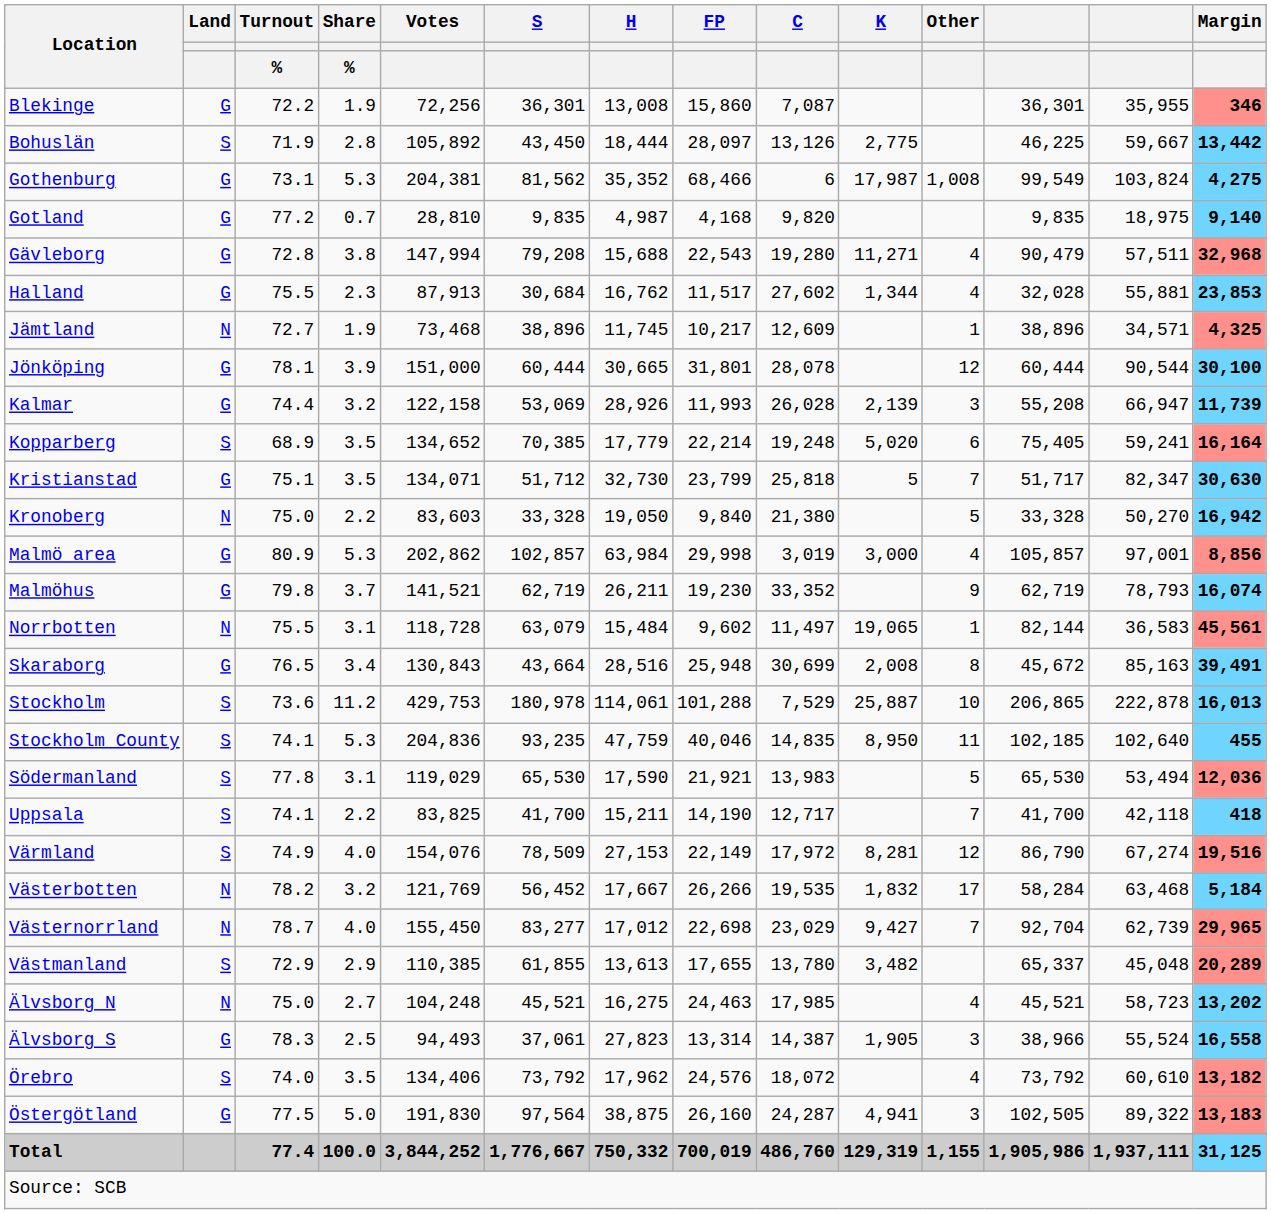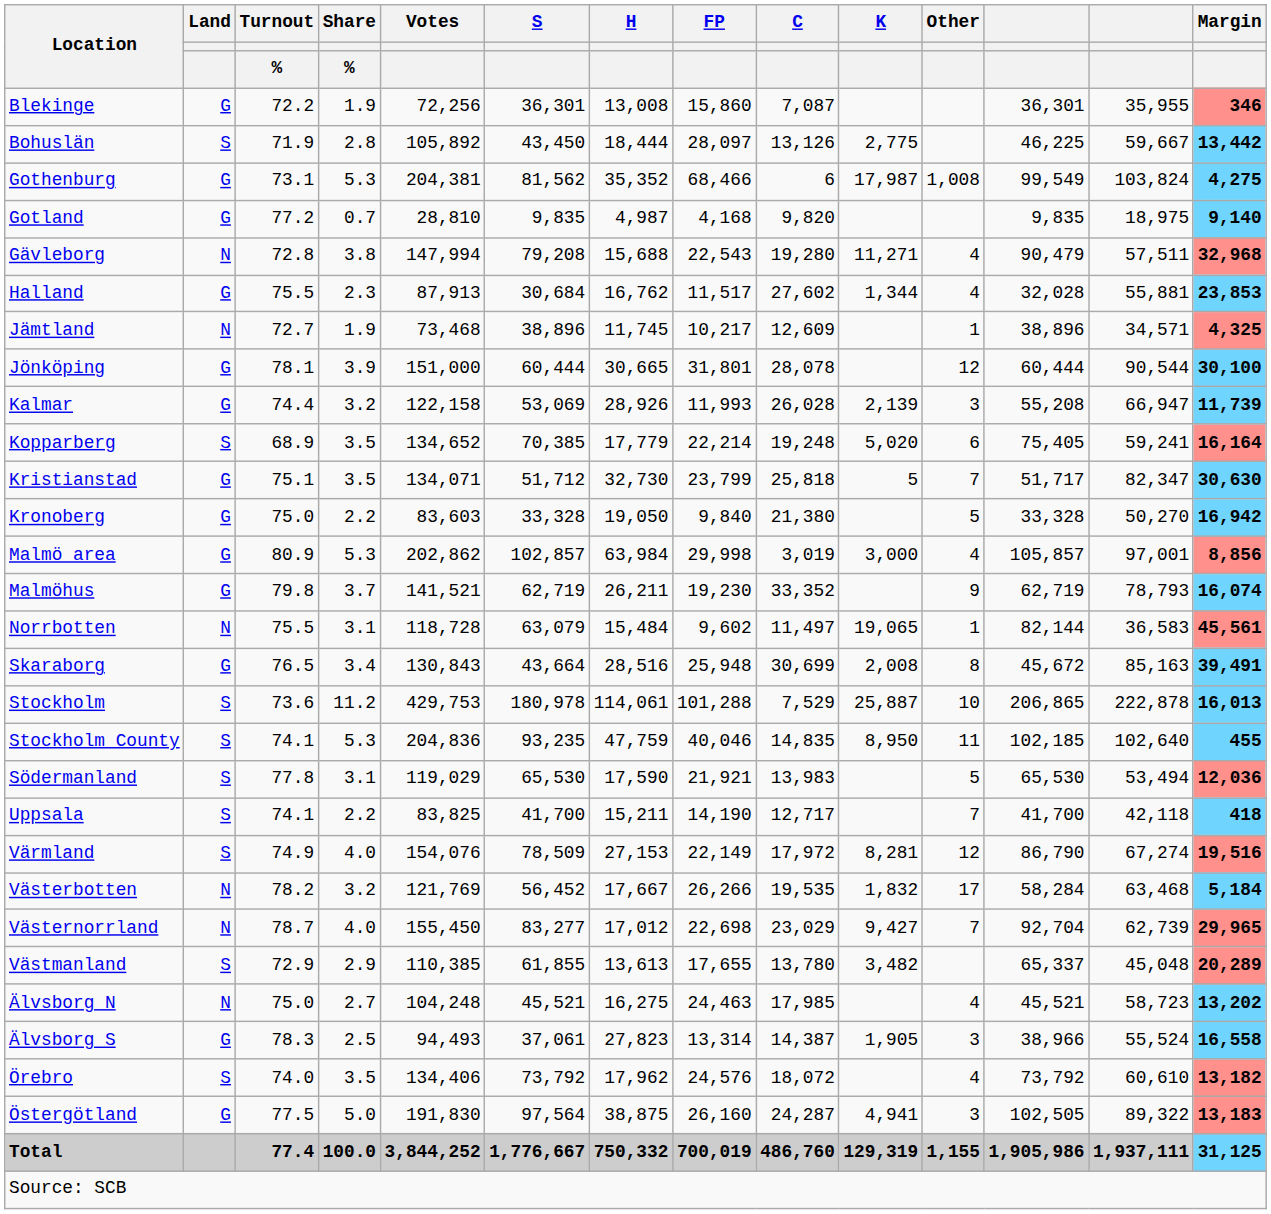 <table class="wikitable sortable" style="text-align:right; font-size:95%; line-height:20px;">
 <tr>
 <th rowspan="3">Location</th>
 <th>Land</th>
 <th>Turnout</th>
 <th>Share</th>
 <th>Votes</th>
 <th width="30px" class="unsortable"><a href='#'>S</a></th>
 <th width="30px" class="unsortable"><a href='#'>H</a></th>
 <th width="30px" class="unsortable"><a href='#'>FP</a></th>
 <th width="30px" class="unsortable"><a href='#'>C</a></th>
 <th width="30px" class="unsortable"><a href='#'>K</a></th>
 <th width="30px" class="unsortable">Other</th>
 <th></th>
 <th></th>
 <th>Margin</th>
 </tr>
 <tr>
 <th></th>
 <th></th>
 <th></th>
 <th></th>
 <th style="background:"></th>
 <th style="background:"></th>
 <th style="background:"></th>
 <th style="background:"></th>
 <th style="background:"></th>
 <th style="background:"></th>
 <th style="background:"></th>
 <th style="background:"></th>
 <th></th>
 </tr>
 <tr>
 <th></th>
 <th data-sort-type="number">%</th>
 <th data-sort-type="number">%</th>
 <th></th>
 <th></th>
 <th data-sort-type="number"></th>
 <th data-sort-type="number"></th>
 <th data-sort-type="number"></th>
 <th data-sort-type="number"></th>
 <th data-sort-type="number"></th>
 <th data-sort-type="number"></th>
 <th data-sort-type="number"></th>
 <th data-sort-type="number"></th>
 </tr>
 <tr>
 <td align=left><a href='#'>Blekinge</a></td>
 <td><a href='#'>G</a></td>
 <td>72.2</td>
 <td>1.9</td>
 <td>72,256</td>
 <td>36,301</td>
 <td>13,008</td>
 <td>15,860</td>
 <td>7,087</td>
 <td></td>
 <td></td>
 <td>36,301</td>
 <td>35,955</td>
 <td bgcolor=#ff908c><strong>346</strong></td>
 </tr>
 <tr>
 <td align=left><a href='#'>Bohuslän</a></td>
 <td><a href='#'>S</a></td>
 <td>71.9</td>
 <td>2.8</td>
 <td>105,892</td>
 <td>43,450</td>
 <td>18,444</td>
 <td>28,097</td>
 <td>13,126</td>
 <td>2,775</td>
 <td></td>
 <td>46,225</td>
 <td>59,667</td>
 <td bgcolor=#6fd5fe><strong>13,442</strong></td>
 </tr>
 <tr>
 <td align=left><a href='#'>Gothenburg</a></td>
 <td><a href='#'>G</a></td>
 <td>73.1</td>
 <td>5.3</td>
 <td>204,381</td>
 <td>81,562</td>
 <td>35,352</td>
 <td>68,466</td>
 <td>6</td>
 <td>17,987</td>
 <td>1,008</td>
 <td>99,549</td>
 <td>103,824</td>
 <td bgcolor=#6fd5fe><strong>4,275</strong></td>
 </tr>
 <tr>
 <td align=left><a href='#'>Gotland</a></td>
 <td><a href='#'>G</a></td>
 <td>77.2</td>
 <td>0.7</td>
 <td>28,810</td>
 <td>9,835</td>
 <td>4,987</td>
 <td>4,168</td>
 <td>9,820</td>
 <td></td>
 <td></td>
 <td>9,835</td>
 <td>18,975</td>
 <td bgcolor=#6fd5fe><strong>9,140</strong></td>
 </tr>
 <tr>
 <td align=left><a href='#'>Gävleborg</a></td>
-<td><a href='#'>G</a></td>
+<td><a href='#'>N</a></td>
 <td>72.8</td>
 <td>3.8</td>
 <td>147,994</td>
 <td>79,208</td>
 <td>15,688</td>
 <td>22,543</td>
 <td>19,280</td>
 <td>11,271</td>
 <td>4</td>
 <td>90,479</td>
 <td>57,511</td>
 <td bgcolor=#ff908c><strong>32,968</strong></td>
 </tr>
 <tr>
 <td align=left><a href='#'>Halland</a></td>
 <td><a href='#'>G</a></td>
 <td>75.5</td>
 <td>2.3</td>
 <td>87,913</td>
 <td>30,684</td>
 <td>16,762</td>
 <td>11,517</td>
 <td>27,602</td>
 <td>1,344</td>
 <td>4</td>
 <td>32,028</td>
 <td>55,881</td>
 <td bgcolor=#6fd5fe><strong>23,853</strong></td>
 </tr>
 <tr>
 <td align=left><a href='#'>Jämtland</a></td>
 <td><a href='#'>N</a></td>
 <td>72.7</td>
 <td>1.9</td>
 <td>73,468</td>
 <td>38,896</td>
 <td>11,745</td>
 <td>10,217</td>
 <td>12,609</td>
 <td></td>
 <td>1</td>
 <td>38,896</td>
 <td>34,571</td>
 <td bgcolor=#ff908c><strong>4,325</strong></td>
 </tr>
 <tr>
 <td align=left><a href='#'>Jönköping</a></td>
 <td><a href='#'>G</a></td>
 <td>78.1</td>
 <td>3.9</td>
 <td>151,000</td>
 <td>60,444</td>
 <td>30,665</td>
 <td>31,801</td>
 <td>28,078</td>
 <td></td>
 <td>12</td>
 <td>60,444</td>
 <td>90,544</td>
 <td bgcolor=#6fd5fe><strong>30,100</strong></td>
 </tr>
 <tr>
 <td align=left><a href='#'>Kalmar</a></td>
 <td><a href='#'>G</a></td>
 <td>74.4</td>
 <td>3.2</td>
 <td>122,158</td>
 <td>53,069</td>
 <td>28,926</td>
 <td>11,993</td>
 <td>26,028</td>
 <td>2,139</td>
 <td>3</td>
 <td>55,208</td>
 <td>66,947</td>
 <td bgcolor=#6fd5fe><strong>11,739</strong></td>
 </tr>
 <tr>
 <td align=left><a href='#'>Kopparberg</a></td>
 <td><a href='#'>S</a></td>
 <td>68.9</td>
 <td>3.5</td>
 <td>134,652</td>
 <td>70,385</td>
 <td>17,779</td>
 <td>22,214</td>
 <td>19,248</td>
 <td>5,020</td>
 <td>6</td>
 <td>75,405</td>
 <td>59,241</td>
 <td bgcolor=#ff908c><strong>16,164</strong></td>
 </tr>
 <tr>
 <td align=left><a href='#'>Kristianstad</a></td>
 <td><a href='#'>G</a></td>
 <td>75.1</td>
 <td>3.5</td>
 <td>134,071</td>
 <td>51,712</td>
 <td>32,730</td>
 <td>23,799</td>
 <td>25,818</td>
 <td>5</td>
 <td>7</td>
 <td>51,717</td>
 <td>82,347</td>
 <td bgcolor=#6fd5fe><strong>30,630</strong></td>
 </tr>
 <tr>
 <td align=left><a href='#'>Kronoberg</a></td>
-<td><a href='#'>N</a></td>
+<td><a href='#'>G</a></td>
 <td>75.0</td>
 <td>2.2</td>
 <td>83,603</td>
 <td>33,328</td>
 <td>19,050</td>
 <td>9,840</td>
 <td>21,380</td>
 <td></td>
 <td>5</td>
 <td>33,328</td>
 <td>50,270</td>
 <td bgcolor=#6fd5fe><strong>16,942</strong></td>
 </tr>
 <tr>
 <td align=left><a href='#'>Malmö area</a></td>
 <td><a href='#'>G</a></td>
 <td>80.9</td>
 <td>5.3</td>
 <td>202,862</td>
 <td>102,857</td>
 <td>63,984</td>
 <td>29,998</td>
 <td>3,019</td>
 <td>3,000</td>
 <td>4</td>
 <td>105,857</td>
 <td>97,001</td>
 <td bgcolor=#ff908c><strong>8,856</strong></td>
 </tr>
 <tr>
 <td align=left><a href='#'>Malmöhus</a></td>
 <td><a href='#'>G</a></td>
 <td>79.8</td>
 <td>3.7</td>
 <td>141,521</td>
 <td>62,719</td>
 <td>26,211</td>
 <td>19,230</td>
 <td>33,352</td>
 <td></td>
 <td>9</td>
 <td>62,719</td>
 <td>78,793</td>
 <td bgcolor=#6fd5fe><strong>16,074</strong></td>
 </tr>
 <tr>
 <td align=left><a href='#'>Norrbotten</a></td>
 <td><a href='#'>N</a></td>
 <td>75.5</td>
 <td>3.1</td>
 <td>118,728</td>
 <td>63,079</td>
 <td>15,484</td>
 <td>9,602</td>
 <td>11,497</td>
 <td>19,065</td>
 <td>1</td>
 <td>82,144</td>
 <td>36,583</td>
 <td bgcolor=#ff908c><strong>45,561</strong></td>
 </tr>
 <tr>
 <td align=left><a href='#'>Skaraborg</a></td>
 <td><a href='#'>G</a></td>
 <td>76.5</td>
 <td>3.4</td>
 <td>130,843</td>
 <td>43,664</td>
 <td>28,516</td>
 <td>25,948</td>
 <td>30,699</td>
 <td>2,008</td>
 <td>8</td>
 <td>45,672</td>
 <td>85,163</td>
 <td bgcolor=#6fd5fe><strong>39,491</strong></td>
 </tr>
 <tr>
 <td align=left><a href='#'>Stockholm</a></td>
 <td><a href='#'>S</a></td>
 <td>73.6</td>
 <td>11.2</td>
 <td>429,753</td>
 <td>180,978</td>
 <td>114,061</td>
 <td>101,288</td>
 <td>7,529</td>
 <td>25,887</td>
 <td>10</td>
 <td>206,865</td>
 <td>222,878</td>
 <td bgcolor=#6fd5fe><strong>16,013</strong></td>
 </tr>
 <tr>
 <td align=left><a href='#'>Stockholm County</a></td>
 <td><a href='#'>S</a></td>
 <td>74.1</td>
 <td>5.3</td>
 <td>204,836</td>
 <td>93,235</td>
 <td>47,759</td>
 <td>40,046</td>
 <td>14,835</td>
 <td>8,950</td>
 <td>11</td>
 <td>102,185</td>
 <td>102,640</td>
 <td bgcolor=#6fd5fe><strong>455</strong></td>
 </tr>
 <tr>
 <td align=left><a href='#'>Södermanland</a></td>
 <td><a href='#'>S</a></td>
 <td>77.8</td>
 <td>3.1</td>
 <td>119,029</td>
 <td>65,530</td>
 <td>17,590</td>
 <td>21,921</td>
 <td>13,983</td>
 <td></td>
 <td>5</td>
 <td>65,530</td>
 <td>53,494</td>
 <td bgcolor=#ff908c><strong>12,036</strong></td>
 </tr>
 <tr>
 <td align=left><a href='#'>Uppsala</a></td>
 <td><a href='#'>S</a></td>
 <td>74.1</td>
 <td>2.2</td>
 <td>83,825</td>
 <td>41,700</td>
 <td>15,211</td>
 <td>14,190</td>
 <td>12,717</td>
 <td></td>
 <td>7</td>
 <td>41,700</td>
 <td>42,118</td>
 <td bgcolor=#6fd5fe><strong>418</strong></td>
 </tr>
 <tr>
 <td align=left><a href='#'>Värmland</a></td>
 <td><a href='#'>S</a></td>
 <td>74.9</td>
 <td>4.0</td>
 <td>154,076</td>
 <td>78,509</td>
 <td>27,153</td>
 <td>22,149</td>
 <td>17,972</td>
 <td>8,281</td>
 <td>12</td>
 <td>86,790</td>
 <td>67,274</td>
 <td bgcolor=#ff908c><strong>19,516</strong></td>
 </tr>
 <tr>
 <td align=left><a href='#'>Västerbotten</a></td>
 <td><a href='#'>N</a></td>
 <td>78.2</td>
 <td>3.2</td>
 <td>121,769</td>
 <td>56,452</td>
 <td>17,667</td>
 <td>26,266</td>
 <td>19,535</td>
 <td>1,832</td>
 <td>17</td>
 <td>58,284</td>
 <td>63,468</td>
 <td bgcolor=#6fd5fe><strong>5,184</strong></td>
 </tr>
 <tr>
 <td align=left><a href='#'>Västernorrland</a></td>
 <td><a href='#'>N</a></td>
 <td>78.7</td>
 <td>4.0</td>
 <td>155,450</td>
 <td>83,277</td>
 <td>17,012</td>
 <td>22,698</td>
 <td>23,029</td>
 <td>9,427</td>
 <td>7</td>
 <td>92,704</td>
 <td>62,739</td>
 <td bgcolor=#ff908c><strong>29,965</strong></td>
 </tr>
 <tr>
 <td align=left><a href='#'>Västmanland</a></td>
 <td><a href='#'>S</a></td>
 <td>72.9</td>
 <td>2.9</td>
 <td>110,385</td>
 <td>61,855</td>
 <td>13,613</td>
 <td>17,655</td>
 <td>13,780</td>
 <td>3,482</td>
 <td></td>
 <td>65,337</td>
 <td>45,048</td>
 <td bgcolor=#ff908c><strong>20,289</strong></td>
 </tr>
 <tr>
 <td align=left><a href='#'>Älvsborg N</a></td>
 <td><a href='#'>N</a></td>
 <td>75.0</td>
 <td>2.7</td>
 <td>104,248</td>
 <td>45,521</td>
 <td>16,275</td>
 <td>24,463</td>
 <td>17,985</td>
 <td></td>
 <td>4</td>
 <td>45,521</td>
 <td>58,723</td>
 <td bgcolor=#6fd5fe><strong>13,202</strong></td>
 </tr>
 <tr>
 <td align=left><a href='#'>Älvsborg S</a></td>
 <td><a href='#'>G</a></td>
 <td>78.3</td>
 <td>2.5</td>
 <td>94,493</td>
 <td>37,061</td>
 <td>27,823</td>
 <td>13,314</td>
 <td>14,387</td>
 <td>1,905</td>
 <td>3</td>
 <td>38,966</td>
 <td>55,524</td>
 <td bgcolor=#6fd5fe><strong>16,558</strong></td>
 </tr>
 <tr>
 <td align=left><a href='#'>Örebro</a></td>
 <td><a href='#'>S</a></td>
 <td>74.0</td>
 <td>3.5</td>
 <td>134,406</td>
 <td>73,792</td>
 <td>17,962</td>
 <td>24,576</td>
 <td>18,072</td>
 <td></td>
 <td>4</td>
 <td>73,792</td>
 <td>60,610</td>
 <td bgcolor=#ff908c><strong>13,182</strong></td>
 </tr>
 <tr>
 <td align=left><a href='#'>Östergötland</a></td>
 <td><a href='#'>G</a></td>
 <td>77.5</td>
 <td>5.0</td>
 <td>191,830</td>
 <td>97,564</td>
 <td>38,875</td>
 <td>26,160</td>
 <td>24,287</td>
 <td>4,941</td>
 <td>3</td>
 <td>102,505</td>
 <td>89,322</td>
 <td bgcolor=#ff908c><strong>13,183</strong></td>
 </tr>
 <tr>
 </tr>
 <tr style="background:#CDCDCD;">
 <td align=left><strong>Total</strong></td>
 <td></td>
 <td><strong>77.4</strong></td>
 <td><strong>100.0</strong></td>
 <td><strong>3,844,252</strong></td>
 <td><strong>1,776,667</strong></td>
 <td><strong>750,332</strong></td>
 <td><strong>700,019</strong></td>
 <td><strong>486,760</strong></td>
 <td><strong>129,319</strong></td>
 <td><strong>1,155</strong></td>
 <td><strong>1,905,986</strong></td>
 <td><strong>1,937,111</strong></td>
 <td bgcolor=#6fd5fe><strong>31,125</strong></td>
 </tr>
 <tr>
 <td align=left colspan=14>Source: SCB </td>
 </tr>
 </table>
